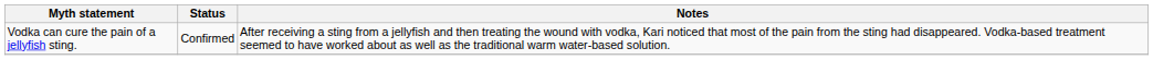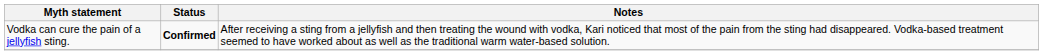 <table class="wikitable plainrowheaders">
 <tr>
 <th>Myth statement</th>
 <th>Status</th>
 <th>Notes</th>
 </tr>
 <tr>
 <td>Vodka can cure the pain of a <a href='#'>jellyfish</a> sting.</td>
-<td><span>Confirmed</span></td>
+<td><strong><span>Confirmed</span></strong></td>
 <td>After receiving a sting from a jellyfish and then treating the wound with vodka, Kari noticed that most of the pain from the sting had disappeared. Vodka-based treatment seemed to have worked about as well as the traditional warm water-based solution.</td>
 </tr>
 <tr>
 </tr>
 </table>
